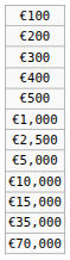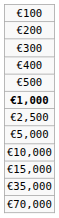 <table class="wikitable" style="text-align:center">
 <tr>
 <td>€100</td>
 </tr>
 <tr>
 <td>€200</td>
 </tr>
 <tr>
 <td>€300</td>
 </tr>
 <tr>
 <td>€400</td>
 </tr>
 <tr>
 <td>€500</td>
 </tr>
 <tr>
-<td>€1,000</td>
+<td><strong>€1,000</strong></td>
 </tr>
 <tr>
 <td>€2,500</td>
 </tr>
 <tr>
 <td>€5,000</td>
 </tr>
 <tr>
 <td>€10,000</td>
 </tr>
 <tr>
 <td>€15,000</td>
 </tr>
 <tr>
 <td>€35,000</td>
 </tr>
 <tr>
 <td>€70,000</td>
 </tr>
 </table>
